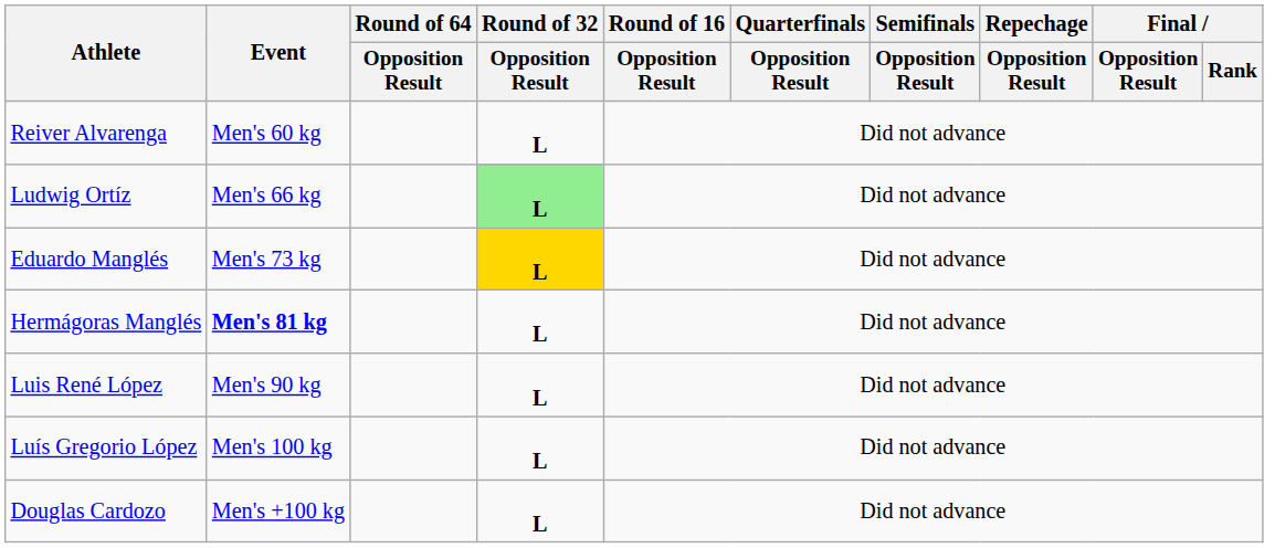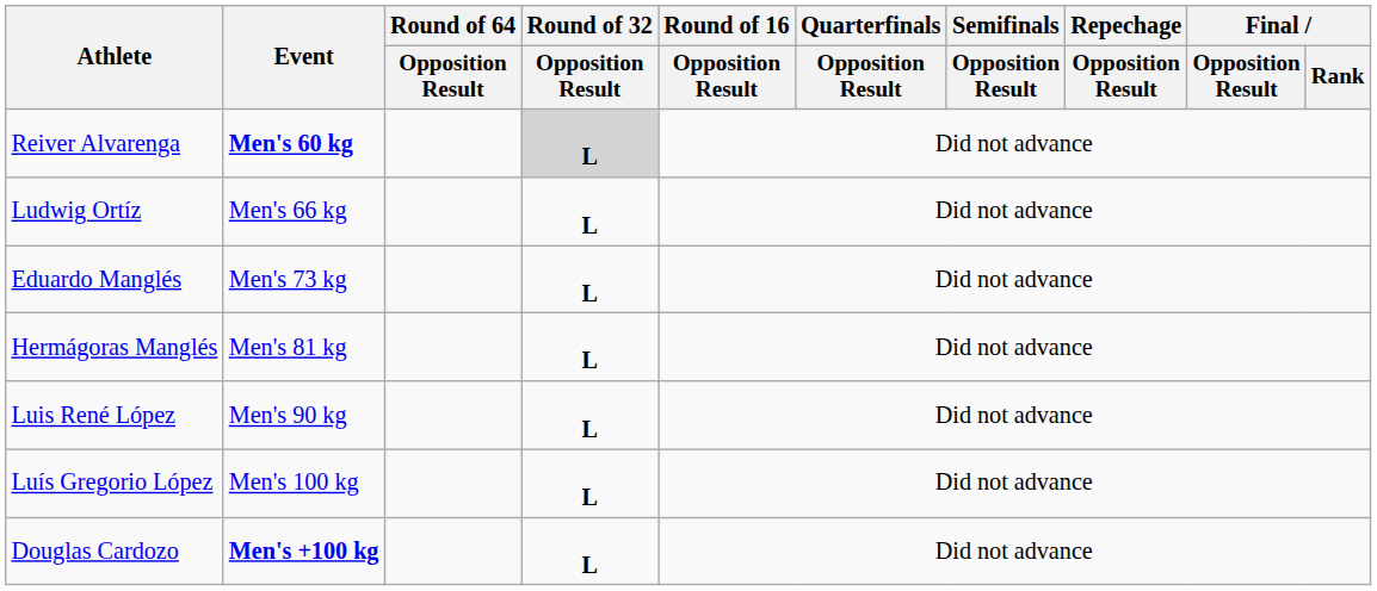 <table class="wikitable" style="font-size:90%">
 <tr>
 <th rowspan="2">Athlete</th>
 <th rowspan="2">Event</th>
 <th>Round of 64</th>
 <th>Round of 32</th>
 <th>Round of 16</th>
 <th>Quarterfinals</th>
 <th>Semifinals</th>
 <th>Repechage</th>
 <th colspan=2>Final / </th>
 </tr>
 <tr style="font-size:95%">
 <th>Opposition<br>Result</th>
 <th>Opposition<br>Result</th>
 <th>Opposition<br>Result</th>
 <th>Opposition<br>Result</th>
 <th>Opposition<br>Result</th>
 <th>Opposition<br>Result</th>
 <th>Opposition<br>Result</th>
 <th>Rank</th>
 </tr>
 <tr align=center>
 <td align=left><a href='#'>Reiver Alvarenga</a></td>
-<td align=left><a href='#'>Men's 60 kg</a></td>
+<td align=left><strong><a href='#'>Men's 60 kg</a></strong></td>
 <td></td>
-<td><br><strong>L</strong></td>
+<td style="background: lightgrey;"><br><strong>L</strong></td>
 <td colspan=6>Did not advance</td>
 </tr>
 <tr align=center>
 <td align=left><a href='#'>Ludwig Ortíz</a></td>
 <td align=left><a href='#'>Men's 66 kg</a></td>
 <td></td>
-<td style="background: lightgreen;"><br><strong>L</strong></td>
+<td><br><strong>L</strong></td>
 <td colspan=6>Did not advance</td>
 </tr>
 <tr align=center>
 <td align=left><a href='#'>Eduardo Manglés</a></td>
 <td align=left><a href='#'>Men's 73 kg</a></td>
 <td></td>
-<td style="background: gold;"><br><strong>L</strong></td>
+<td><br><strong>L</strong></td>
 <td colspan=6>Did not advance</td>
 </tr>
 <tr align=center>
 <td align=left><a href='#'>Hermágoras Manglés</a></td>
-<td align=left><strong><a href='#'>Men's 81 kg</a></strong></td>
+<td align=left><a href='#'>Men's 81 kg</a></td>
 <td></td>
 <td><br><strong>L</strong></td>
 <td colspan=6>Did not advance</td>
 </tr>
 <tr align=center>
 <td align=left><a href='#'>Luis René López</a></td>
 <td align=left><a href='#'>Men's 90 kg</a></td>
 <td></td>
 <td><br><strong>L</strong></td>
 <td colspan=6>Did not advance</td>
 </tr>
 <tr align=center>
 <td align=left><a href='#'>Luís Gregorio López</a></td>
 <td align=left><a href='#'>Men's 100 kg</a></td>
 <td></td>
 <td><br><strong>L</strong></td>
 <td colspan=6>Did not advance</td>
 </tr>
 <tr align=center>
 <td align=left><a href='#'>Douglas Cardozo</a></td>
-<td align=left><a href='#'>Men's +100 kg</a></td>
+<td align=left><strong><a href='#'>Men's +100 kg</a></strong></td>
 <td></td>
 <td><br><strong>L</strong></td>
 <td colspan=6>Did not advance</td>
 </tr>
 </table>
